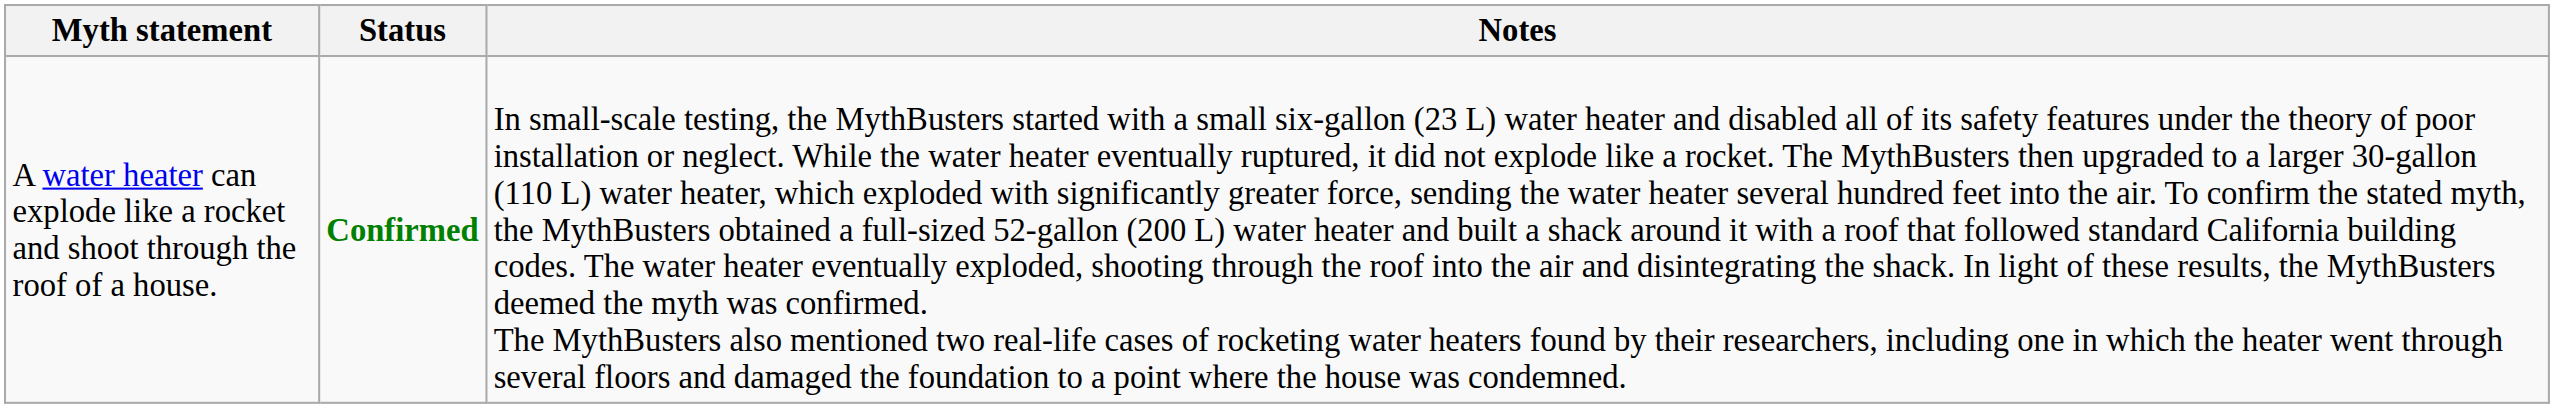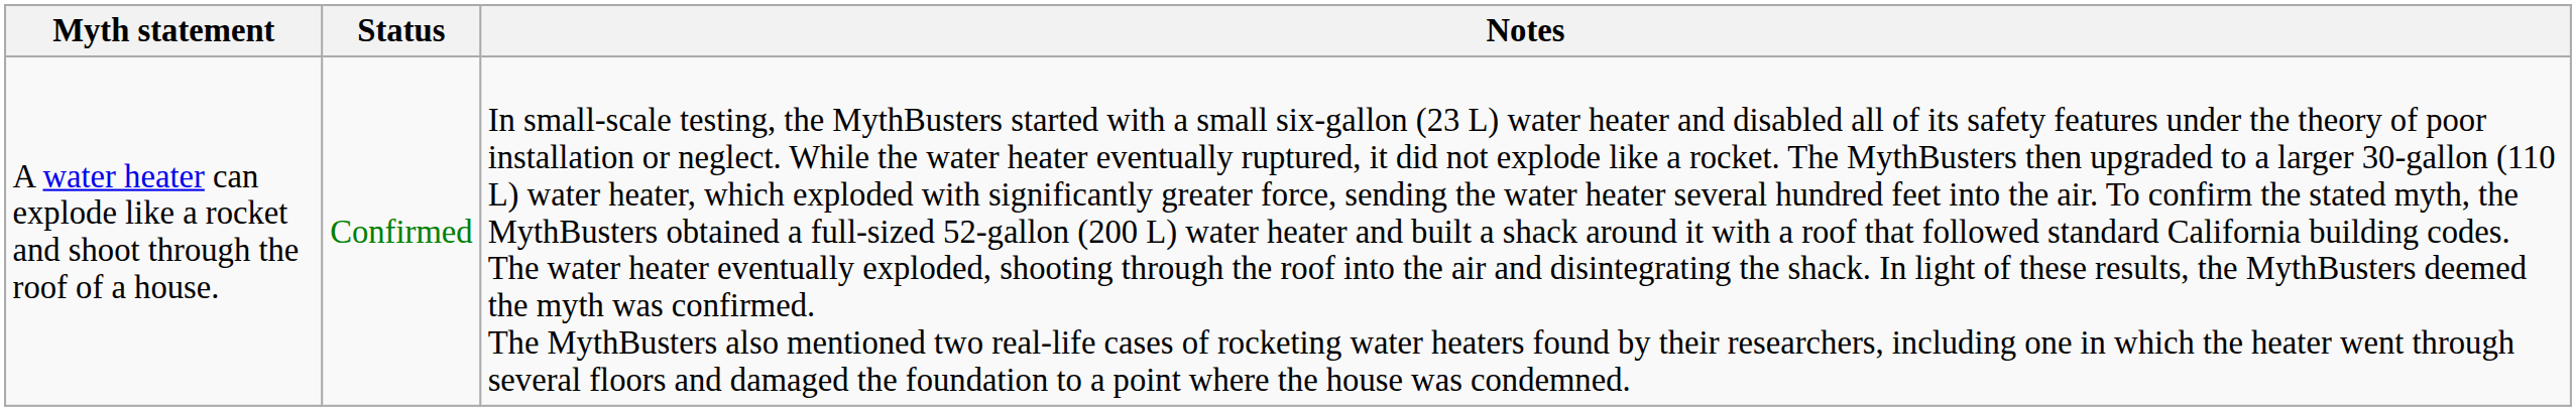 <table class="wikitable plainrowheaders">
 <tr>
 <th>Myth statement</th>
 <th>Status</th>
 <th>Notes</th>
 </tr>
 <tr>
 <td>A <a href='#'>water heater</a> can explode like a rocket and shoot through the roof of a house.</td>
-<td style="color:Green"><strong>Confirmed</strong></td>
+<td style="color:Green">Confirmed</td>
 <td><br>In small-scale testing, the MythBusters started with a small six-gallon (23 L) water heater and disabled all of its safety features under the theory of poor installation or neglect. While the water heater eventually ruptured, it did not explode like a rocket. The MythBusters then upgraded to a larger 30-gallon (110 L) water heater, which exploded with significantly greater force, sending the water heater several hundred feet into the air. To confirm the stated myth, the MythBusters obtained a full-sized 52-gallon (200 L) water heater and built a shack around it with a roof that followed standard California building codes. The water heater eventually exploded, shooting through the roof  into the air and disintegrating the shack. In light of these results, the MythBusters deemed the myth was confirmed.<br>The MythBusters also mentioned two real-life cases of rocketing water heaters found by their researchers, including one in which the heater went through several floors and damaged the foundation to a point where the house was condemned.</td>
 </tr>
 </table>
